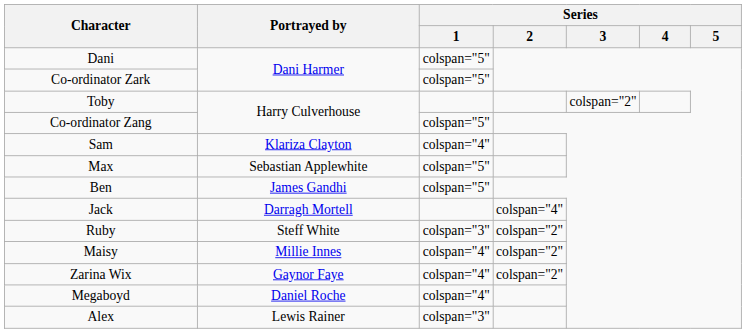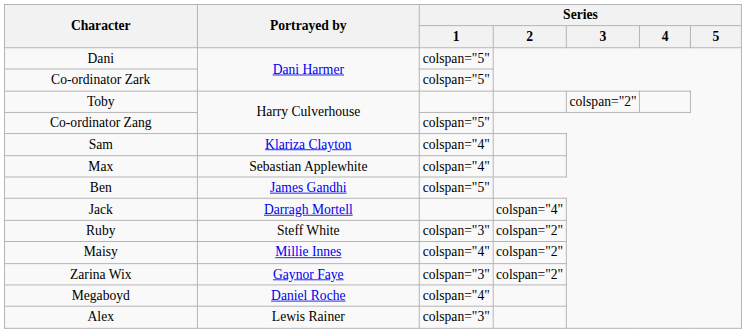 <table class="wikitable plainrowheaders" style="text-align:center;">
 <tr>
 <th scope="col" rowspan="2">Character</th>
 <th scope="col" rowspan="2">Portrayed by</th>
 <th colspan="5" scope="col">Series</th>
 </tr>
 <tr>
 <th scope="col" style="width:6.9%;">1</th>
 <th scope="col" style="width:6.9%;">2</th>
 <th scope="col" style="width:6.9%;">3</th>
 <th scope="col" style="width:6.9%;">4</th>
 <th scope="col" style="width:6.9%;">5</th>
 </tr>
 <tr>
 <td>Dani</td>
 <td rowspan="2"><a href='#'>Dani Harmer</a></td>
 <td>colspan="5" </td>
 </tr>
 <tr>
 <td>Co-ordinator Zark</td>
 <td>colspan="5" </td>
 </tr>
 <tr>
 <td>Toby</td>
 <td rowspan="2">Harry Culverhouse</td>
 <td></td>
 <td></td>
 <td>colspan="2" </td>
 <td></td>
 </tr>
 <tr>
 <td>Co-ordinator Zang</td>
 <td>colspan="5" </td>
 </tr>
 <tr>
 <td>Sam</td>
 <td><a href='#'>Klariza Clayton</a></td>
 <td>colspan="4" </td>
 <td></td>
 </tr>
 <tr>
 <td>Max</td>
 <td>Sebastian Applewhite</td>
-<td>colspan="5" </td>
+<td>colspan="4" </td>
 <td></td>
 </tr>
 <tr>
 <td>Ben</td>
 <td><a href='#'>James Gandhi</a></td>
 <td>colspan="5" </td>
 </tr>
 <tr>
 <td>Jack</td>
 <td><a href='#'>Darragh Mortell</a></td>
 <td></td>
 <td>colspan="4" </td>
 </tr>
 <tr>
 <td>Ruby</td>
 <td>Steff White</td>
 <td>colspan="3" </td>
 <td>colspan="2" </td>
 </tr>
 <tr>
 <td>Maisy</td>
 <td><a href='#'>Millie Innes</a></td>
 <td>colspan="4" </td>
 <td>colspan="2" </td>
 </tr>
 <tr>
 <td>Zarina Wix</td>
 <td><a href='#'>Gaynor Faye</a></td>
-<td>colspan="4" </td>
+<td>colspan="3" </td>
 <td>colspan="2" </td>
 </tr>
 <tr>
 <td>Megaboyd</td>
 <td><a href='#'>Daniel Roche</a></td>
 <td>colspan="4" </td>
 <td></td>
 </tr>
 <tr>
 <td>Alex</td>
 <td>Lewis Rainer</td>
 <td>colspan="3" </td>
 <td></td>
 </tr>
 </table>
